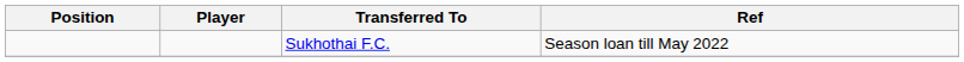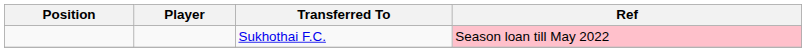 <table class="wikitable sortable" style="width:60%; text-align:center; font-size:100%; text-align:left;">
 <tr>
 <th><strong>Position</strong></th>
 <th><strong>Player</strong></th>
 <th><strong>Transferred To</strong></th>
 <th><strong>Ref</strong></th>
 </tr>
 <tr>
 <td></td>
 <td></td>
 <td> <a href='#'>Sukhothai  F.C.</a></td>
-<td>Season loan till May 2022</td>
+<td style="background: pink;">Season loan till May 2022</td>
 </tr>
 <tr>
 </tr>
 </table>
